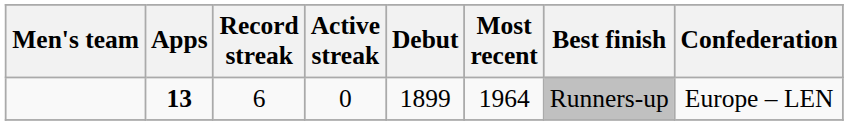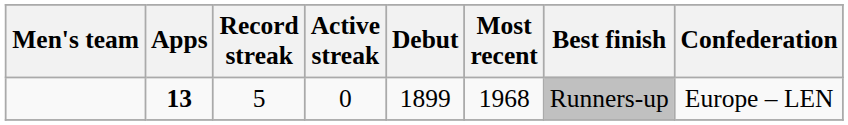 <table class="wikitable" style="text-align: center; font-size: 90%; margin-left: 1em;">
 <tr>
 <th>Men's team</th>
 <th>Apps</th>
 <th>Record<br>streak</th>
 <th>Active<br>streak</th>
 <th>Debut</th>
 <th>Most<br>recent</th>
 <th>Best finish</th>
 <th>Confederation</th>
 </tr>
 <tr>
 <td style="text-align: left;"></td>
 <td><strong>13</strong></td>
-<td>6</td>
+<td>5</td>
 <td>0</td>
 <td>1899</td>
-<td>1964</td>
+<td>1968</td>
 <td style="background-color: silver;">Runners-up</td>
 <td>Europe – LEN</td>
 </tr>
 </table>
